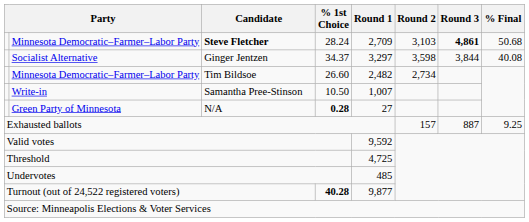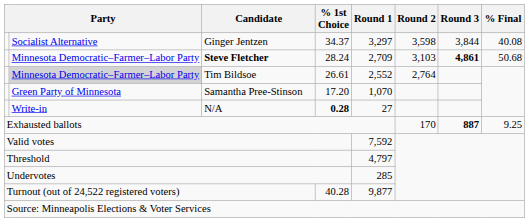 <table class="wikitable">
 <tr>
 <th colspan="2" style="width:290px">Party</th>
 <th style="width:165px">Candidate</th>
 <th>% 1st<br>Choice</th>
 <th>Round 1</th>
 <th>Round 2</th>
 <th>Round 3</th>
 <th style="width:58px;">% Final</th>
-</tr>
-<tr>
-<td style="background-color:"></td>
-<td><a href='#'>Minnesota Democratic–Farmer–Labor Party</a></td>
-<td><strong>Steve Fletcher</strong></td>
-<td align="right">28.24</td>
-<td align="right">2,709</td>
-<td align="right">3,103</td>
-<td align="right"><strong>4,861</strong></td>
-<td align="right">50.68</td>
 </tr>
 <tr>
 <td style="background-color:"></td>
 <td><a href='#'>Socialist Alternative</a></td>
 <td>Ginger Jentzen</td>
 <td align="right">34.37</td>
 <td align="right">3,297</td>
 <td align="right">3,598</td>
 <td align="right">3,844</td>
 <td align="right">40.08</td>
 </tr>
 <tr>
 <td style="background-color:"></td>
 <td><a href='#'>Minnesota Democratic–Farmer–Labor Party</a></td>
+<td><strong>Steve Fletcher</strong></td>
+<td align="right">28.24</td>
+<td align="right">2,709</td>
+<td align="right">3,103</td>
+<td align="right"><strong>4,861</strong></td>
+<td align="right">50.68</td>
+</tr>
+<tr>
+<td style="background-color:"></td>
+<td style="background: lightgrey;"><a href='#'>Minnesota Democratic–Farmer–Labor Party</a></td>
 <td>Tim Bildsoe</td>
-<td align="right">26.60</td>
-<td align="right">2,482</td>
-<td align="right">2,734</td>
+<td align="right">26.61</td>
+<td align="right">2,552</td>
+<td align="right">2,764</td>
 <td></td>
 <td rowspan="3"></td>
 </tr>
 <tr>
 <td style="background-color:"></td>
-<td><a href='#'>Write-in</a></td>
+<td><a href='#'>Green Party of Minnesota</a></td>
 <td>Samantha Pree-Stinson</td>
-<td align="right">10.50</td>
-<td align="right">1,007</td>
+<td align="right">17.20</td>
+<td align="right">1,070</td>
 <td></td>
 <td></td>
 </tr>
 <tr>
 <td style="background-color:"></td>
-<td><a href='#'>Green Party of Minnesota</a></td>
+<td><a href='#'>Write-in</a></td>
 <td>N/A</td>
 <td align="right"><strong>0.28</strong></td>
 <td align="right">27</td>
 <td></td>
 <td></td>
 </tr>
 <tr>
 <td colspan="5">Exhausted ballots</td>
-<td align="right">157</td>
-<td align="right">887</td>
+<td align="right">170</td>
+<td align="right"><strong>887</strong></td>
 <td align="right">9.25</td>
 </tr>
 <tr>
 <td colspan="4">Valid votes</td>
-<td align="right">9,592</td>
+<td align="right">7,592</td>
 <td colspan="3" rowspan="4"></td>
 </tr>
 <tr>
 <td colspan="4">Threshold</td>
-<td align="right">4,725</td>
+<td align="right">4,797</td>
 </tr>
 <tr>
 <td colspan="4">Undervotes</td>
-<td align="right">485</td>
+<td align="right">285</td>
 </tr>
 <tr>
 <td colspan="3">Turnout (out of 24,522 registered voters)</td>
-<td align="right"><strong>40.28</strong></td>
+<td align="right">40.28</td>
 <td align="right">9,877</td>
 </tr>
 <tr>
 <td colspan="8">Source: Minneapolis Elections & Voter Services</td>
 </tr>
 </table>
